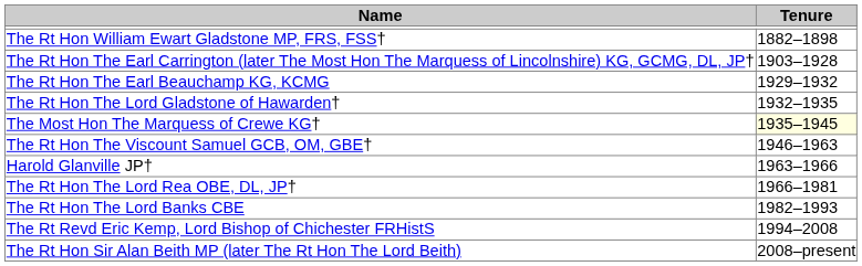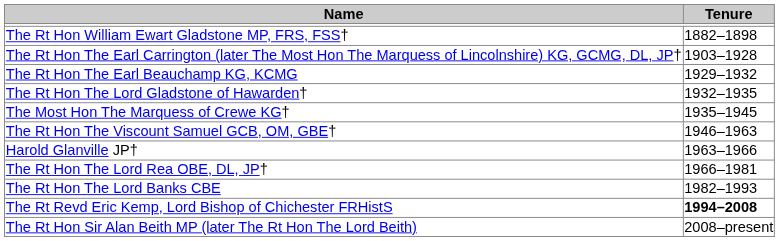 <table border=1 style="border-collapse: collapse;">
 <tr bgcolor=cccccc>
 <th>Name</th>
 <th>Tenure</th>
 </tr>
 <tr>
 <td colspan=3></td>
 </tr>
 <tr>
 <td><a href='#'>The Rt Hon William Ewart Gladstone MP, FRS, FSS</a>†</td>
 <td>1882–1898</td>
 </tr>
 <tr>
 <td><a href='#'>The Rt Hon The Earl Carrington (later The Most Hon The Marquess of Lincolnshire) KG, GCMG, DL, JP</a>†</td>
 <td>1903–1928</td>
 </tr>
 <tr>
 <td><a href='#'>The Rt Hon The Earl Beauchamp KG, KCMG</a></td>
 <td>1929–1932</td>
 </tr>
 <tr>
 <td><a href='#'>The Rt Hon The Lord Gladstone of Hawarden</a>†</td>
 <td>1932–1935</td>
 </tr>
 <tr>
 <td><a href='#'>The Most Hon The Marquess of Crewe KG</a>†</td>
-<td style="background: lightyellow;">1935–1945</td>
+<td>1935–1945</td>
 </tr>
 <tr>
 <td><a href='#'>The Rt Hon The Viscount Samuel GCB, OM, GBE</a>†</td>
 <td>1946–1963</td>
 </tr>
 <tr>
 <td><a href='#'>Harold Glanville</a> JP†</td>
 <td>1963–1966</td>
 </tr>
 <tr>
 <td><a href='#'>The Rt Hon The Lord Rea OBE, DL, JP</a>†</td>
 <td>1966–1981</td>
 </tr>
 <tr>
 <td><a href='#'>The Rt Hon The Lord Banks CBE</a></td>
 <td>1982–1993</td>
 </tr>
 <tr>
 <td><a href='#'>The Rt Revd Eric Kemp, Lord Bishop of Chichester FRHistS</a></td>
-<td>1994–2008</td>
+<td><strong>1994–2008</strong></td>
 </tr>
 <tr>
 <td><a href='#'>The Rt Hon Sir Alan Beith MP (later The Rt Hon The Lord Beith)</a></td>
 <td>2008–present</td>
 </tr>
 </table>
